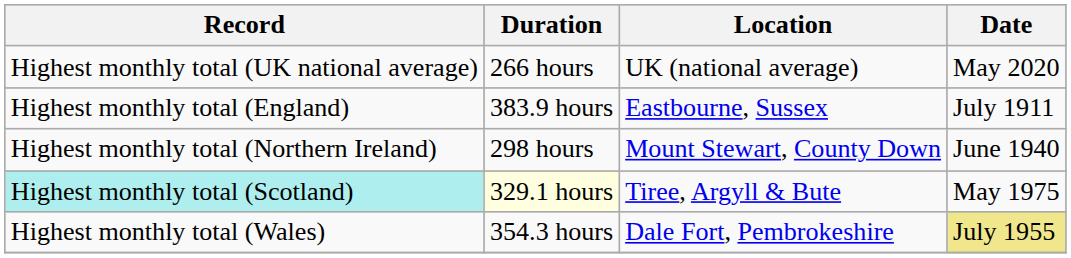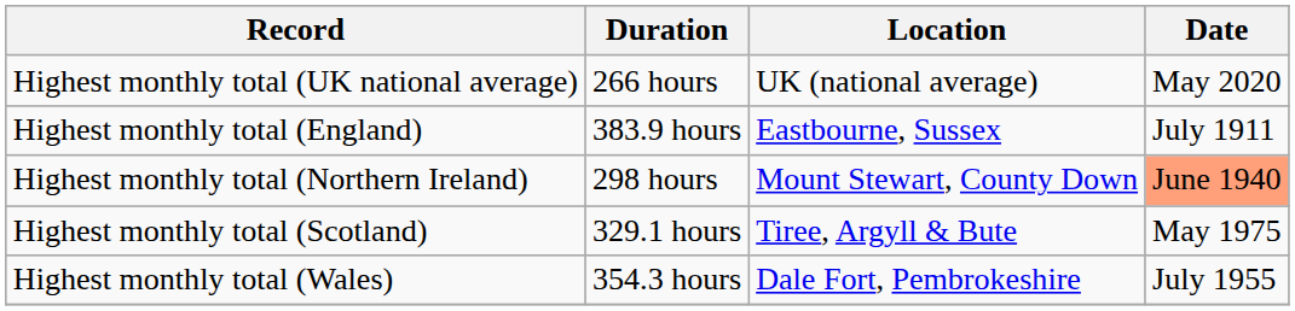 <table class="wikitable sortable">
 <tr>
 <th>Record</th>
 <th>Duration</th>
 <th>Location</th>
 <th>Date</th>
 </tr>
 <tr>
 <td>Highest monthly total (UK national average)</td>
 <td>266 hours</td>
 <td>UK (national average)</td>
 <td>May 2020</td>
 </tr>
 <tr>
 <td>Highest monthly total (England)</td>
 <td>383.9 hours</td>
 <td><a href='#'>Eastbourne</a>, <a href='#'>Sussex</a></td>
 <td>July 1911</td>
 </tr>
 <tr>
 <td>Highest monthly total (Northern Ireland)</td>
 <td>298 hours</td>
 <td><a href='#'>Mount Stewart</a>, <a href='#'>County Down</a></td>
-<td>June 1940</td>
+<td style="background: lightsalmon;">June 1940</td>
 </tr>
 <tr>
-<td style="background: paleturquoise;">Highest monthly total (Scotland)</td>
-<td style="background: lightyellow;">329.1 hours</td>
+<td>Highest monthly total (Scotland)</td>
+<td>329.1 hours</td>
 <td><a href='#'>Tiree</a>, <a href='#'>Argyll & Bute</a></td>
 <td>May 1975</td>
 </tr>
 <tr>
 <td>Highest monthly total (Wales)</td>
 <td>354.3 hours</td>
 <td><a href='#'>Dale Fort</a>, <a href='#'>Pembrokeshire</a></td>
-<td style="background: khaki;">July 1955</td>
+<td>July 1955</td>
 </tr>
 <tr>
 </tr>
 </table>
